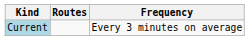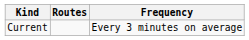 <table class="wikitable" style="margin:1em auto;">
 <tr>
 <th>Kind</th>
 <th>Routes</th>
 <th>Frequency</th>
 </tr>
 <tr>
-<td style="background: lightblue;">Current</td>
+<td>Current</td>
 <td>  </td>
 <td>Every 3 minutes on average</td>
 </tr>
 </table>
